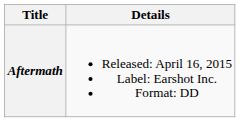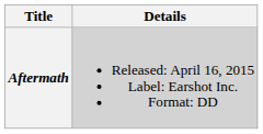 <table class="wikitable plainrowheaders" style="text-align:center;" border="1">
 <tr>
 <th>Title</th>
 <th>Details</th>
 </tr>
 <tr>
 <th scope="row"><em>Aftermath</em></th>
-<td><br><ul><li>Released: April 16, 2015</li><li>Label: Earshot Inc.</li><li>Format: DD</li></ul></td>
+<td style="background: lightgrey;"><br><ul><li>Released: April 16, 2015</li><li>Label: Earshot Inc.</li><li>Format: DD</li></ul></td>
 </tr>
 </table>
